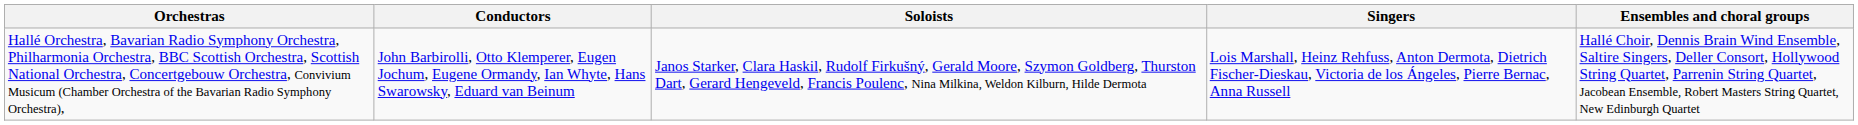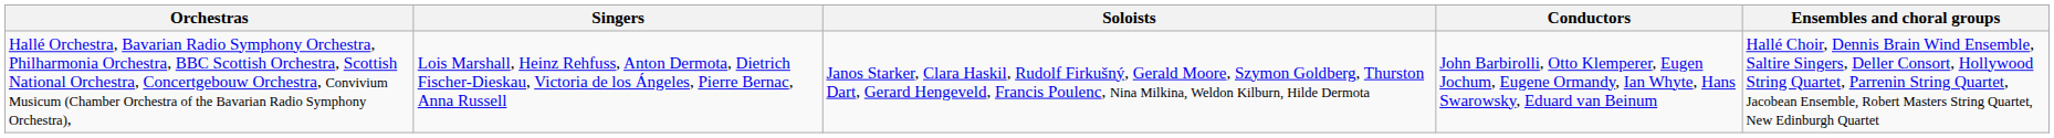 <table class="wikitable toptextcells">
 <tr class="hintergrundfarbe5">
 <th style="width:20%;">Orchestras</th>
+<th style="width:20%;">Singers</th>
+<th style="width:30%;">Soloists</th>
 <th style="width:15%;">Conductors</th>
-<th style="width:30%;">Soloists</th>
-<th style="width:20%;">Singers</th>
 <th style="width:15%;">Ensembles and choral groups</th>
 </tr>
 <tr>
 <td><a href='#'>Hallé Orchestra</a>, <a href='#'>Bavarian Radio Symphony Orchestra</a>,  <a href='#'>Philharmonia Orchestra</a>, <a href='#'>BBC Scottish Orchestra</a>, <a href='#'>Scottish National Orchestra</a>, <a href='#'>Concertgebouw Orchestra</a>, <small>Convivium Musicum (Chamber Orchestra of the Bavarian Radio Symphony Orchestra)</small>,</td>
+<td><a href='#'>Lois Marshall</a>, <a href='#'>Heinz Rehfuss</a>, <a href='#'>Anton Dermota</a>, <a href='#'>Dietrich Fischer-Dieskau</a>, <a href='#'>Victoria de los Ángeles</a>, <a href='#'>Pierre Bernac</a>, <a href='#'>Anna Russell</a></td>
+<td><a href='#'>Janos Starker</a>, <a href='#'>Clara Haskil</a>, <a href='#'>Rudolf Firkušný</a>, <a href='#'>Gerald Moore</a>, <a href='#'>Szymon Goldberg</a>, <a href='#'>Thurston Dart</a>, <a href='#'>Gerard Hengeveld</a>, <a href='#'>Francis Poulenc</a>, <small>Nina Milkina, Weldon Kilburn, Hilde Dermota</small></td>
 <td><a href='#'>John Barbirolli</a>, <a href='#'>Otto Klemperer</a>, <a href='#'>Eugen Jochum</a>, <a href='#'>Eugene Ormandy</a>, <a href='#'>Ian Whyte</a>, <a href='#'>Hans Swarowsky</a>, <a href='#'>Eduard van Beinum</a></td>
-<td><a href='#'>Janos Starker</a>, <a href='#'>Clara Haskil</a>, <a href='#'>Rudolf Firkušný</a>, <a href='#'>Gerald Moore</a>, <a href='#'>Szymon Goldberg</a>, <a href='#'>Thurston Dart</a>, <a href='#'>Gerard Hengeveld</a>, <a href='#'>Francis Poulenc</a>, <small>Nina Milkina, Weldon Kilburn, Hilde Dermota</small></td>
-<td><a href='#'>Lois Marshall</a>, <a href='#'>Heinz Rehfuss</a>, <a href='#'>Anton Dermota</a>, <a href='#'>Dietrich Fischer-Dieskau</a>, <a href='#'>Victoria de los Ángeles</a>, <a href='#'>Pierre Bernac</a>, <a href='#'>Anna Russell</a></td>
 <td><a href='#'>Hallé Choir</a>, <a href='#'>Dennis Brain Wind Ensemble</a>, <a href='#'>Saltire Singers</a>,  <a href='#'>Deller Consort</a>, <a href='#'>Hollywood String Quartet</a>, <a href='#'>Parrenin String Quartet</a>, <small>Jacobean Ensemble, Robert Masters String Quartet, New Edinburgh Quartet</small></td>
 </tr>
 </table>
